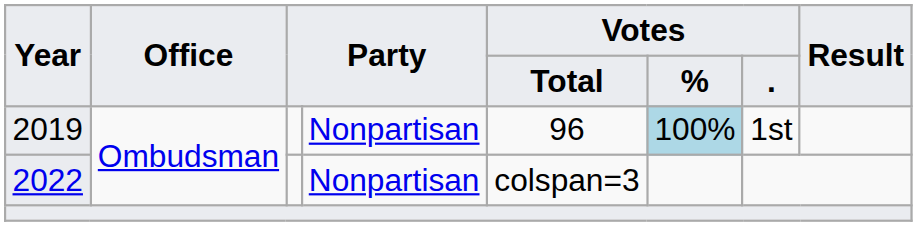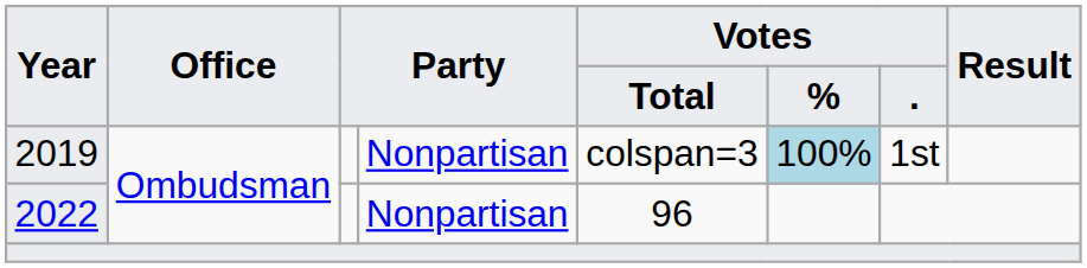 <table class="wikitable" style="font-size:90%; text-align:center;">
 <tr>
 <th style="background-color:#EAECF0;" rowspan=2>Year</th>
 <th style="background-color:#EAECF0;" rowspan=2>Office</th>
 <th style="background-color:#EAECF0;" colspan=2 rowspan=2>Party</th>
 <th style="background-color:#EAECF0;" colspan=3>Votes</th>
 <th style="background-color:#EAECF0;" rowspan=2>Result</th>
 </tr>
 <tr>
 <th style="background-color:#EAECF0;">Total</th>
 <th style="background-color:#EAECF0;">%</th>
 <th style="background-color:#EAECF0;">.</th>
 </tr>
 <tr>
 <td style="background-color:#EAECF0;">2019</td>
 <td rowspan=2><a href='#'>Ombudsman</a></td>
 <td style="background-color:"></td>
 <td><a href='#'>Nonpartisan</a></td>
-<td>96</td>
+<td>colspan=3 </td>
 <td style="background: lightblue;">100%</td>
 <td>1st</td>
 <td></td>
 </tr>
 <tr>
 <td style="background-color:#EAECF0;"><a href='#'>2022</a></td>
 <td style="background-color:"></td>
 <td><a href='#'>Nonpartisan</a></td>
-<td>colspan=3 </td>
+<td>96</td>
 <td></td>
 </tr>
 <tr>
 <td style="background-color:#EAECF0;" colspan=8></td>
 </tr>
 </table>
